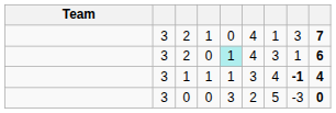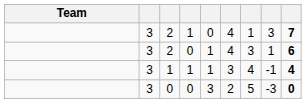 <table class="wikitable" style="text-align: center;">
 <tr>
 <th width="175">Team</th>
 <th width="20"></th>
 <th width="20"></th>
 <th width="20"></th>
 <th width="20"></th>
 <th width="20"></th>
 <th width="20"></th>
 <th width="20"></th>
 <th width="20"></th>
 </tr>
 <tr>
 <td style="text-align:left;"></td>
 <td>3</td>
 <td>2</td>
 <td>1</td>
 <td>0</td>
 <td>4</td>
 <td>1</td>
 <td>3</td>
 <td><strong>7</strong></td>
 </tr>
 <tr>
 <td style="text-align:left;"></td>
 <td>3</td>
 <td>2</td>
 <td>0</td>
-<td style="background: paleturquoise;">1</td>
+<td>1</td>
 <td>4</td>
 <td>3</td>
 <td>1</td>
 <td><strong>6</strong></td>
 </tr>
 <tr>
 <td style="text-align:left;"></td>
 <td>3</td>
 <td>1</td>
 <td>1</td>
 <td>1</td>
 <td>3</td>
 <td>4</td>
-<td><strong>-1</strong></td>
+<td>-1</td>
 <td><strong>4</strong></td>
 </tr>
 <tr>
 <td style="text-align:left;"></td>
 <td>3</td>
 <td>0</td>
 <td>0</td>
 <td>3</td>
 <td>2</td>
 <td>5</td>
 <td>-3</td>
 <td><strong>0</strong></td>
 </tr>
 </table>
